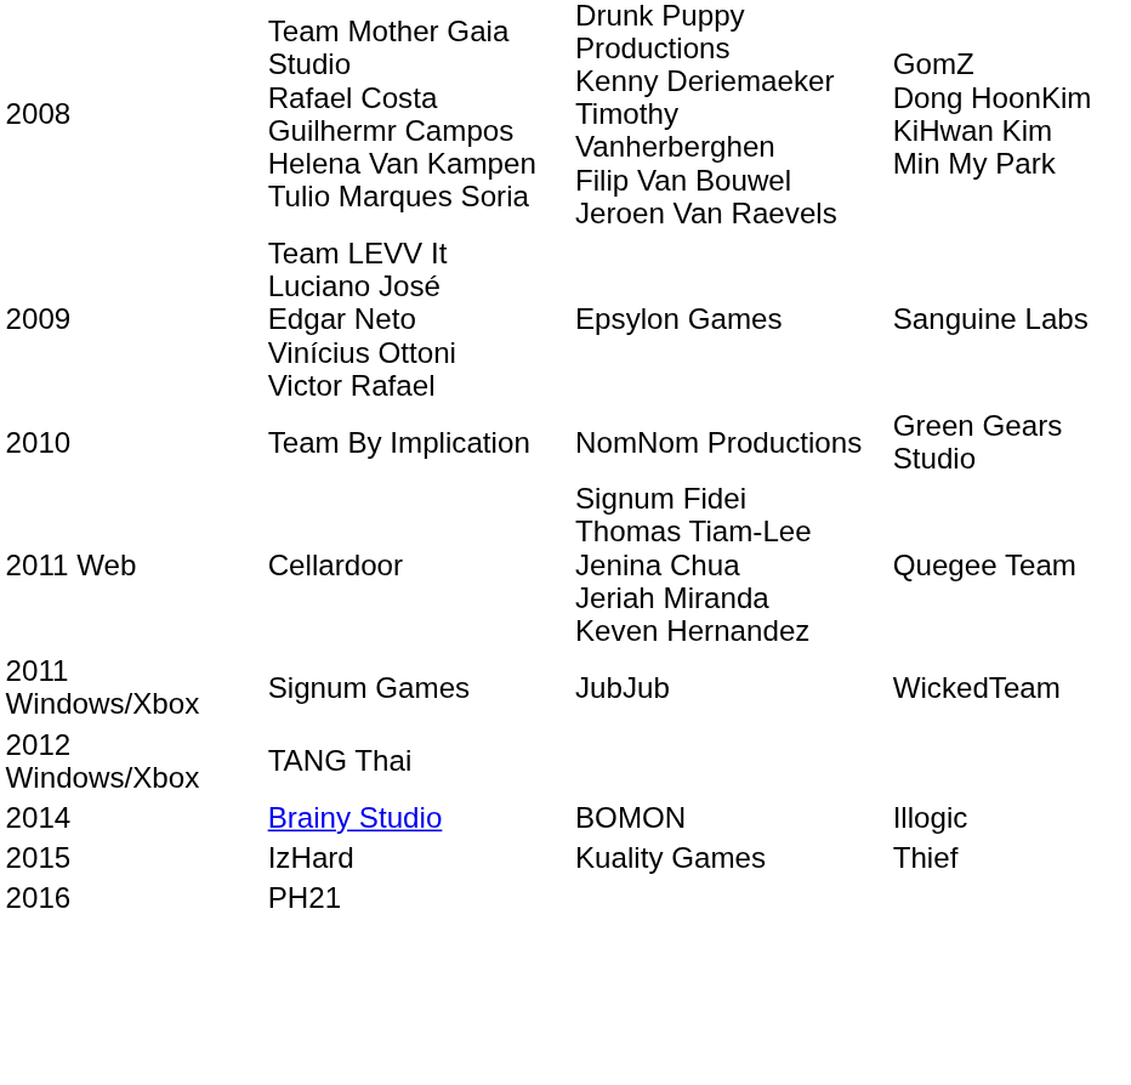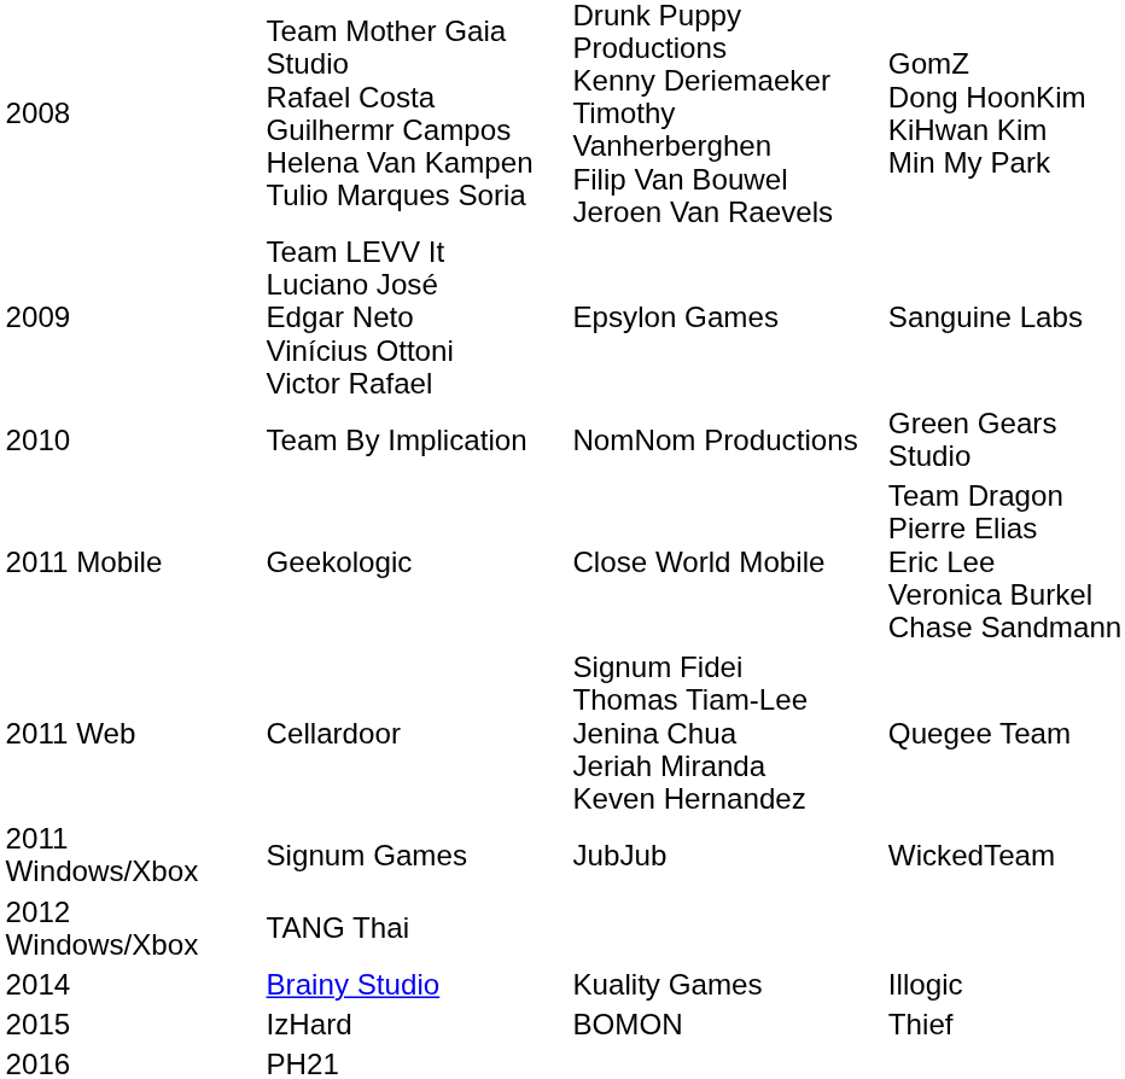 <table>
 <tr>
 <td>2008</td>
 <td> Team Mother Gaia Studio<br>Rafael Costa<br> Guilhermr Campos<br> Helena Van Kampen<br> Tulio Marques Soria</td>
 <td> Drunk Puppy Productions<br>Kenny Deriemaeker<br> Timothy Vanherberghen<br> Filip Van Bouwel<br> Jeroen Van Raevels</td>
 <td> GomZ<br>Dong HoonKim<br> KiHwan Kim<br> Min My Park</td>
 </tr>
 <tr>
 <td>2009</td>
 <td> Team LEVV It<br>Luciano José <br> Edgar Neto <br> Vinícius Ottoni <br> Victor Rafael <br></td>
 <td> Epsylon Games</td>
 <td> Sanguine Labs</td>
 </tr>
 <tr>
 <td>2010 </td>
 <td> Team By Implication</td>
 <td> NomNom Productions</td>
 <td> Green Gears Studio</td>
 </tr>
 <tr>
+<td>2011 Mobile</td>
+<td> Geekologic</td>
+<td> Close World Mobile</td>
+<td> Team Dragon<br>Pierre Elias<br> Eric Lee<br> Veronica Burkel<br> Chase Sandmann</td>
+</tr>
+<tr>
 <td>2011 Web</td>
 <td> Cellardoor</td>
 <td> Signum Fidei<br>Thomas Tiam-Lee<br> Jenina Chua<br> Jeriah Miranda<br> Keven Hernandez</td>
 <td> Quegee Team</td>
 </tr>
 <tr>
 <td>2011 Windows/Xbox</td>
 <td> Signum Games</td>
 <td> JubJub</td>
 <td> WickedTeam</td>
 </tr>
 <tr>
 <td>2012 Windows/Xbox</td>
 <td> TANG Thai</td>
 </tr>
 <tr>
 <td>2014</td>
 <td> <a href='#'>Brainy Studio</a></td>
-<td> BOMON</td>
+<td> Kuality Games</td>
 <td> Illogic</td>
 </tr>
 <tr>
 <td>2015 </td>
 <td> IzHard</td>
-<td> Kuality Games</td>
+<td> BOMON</td>
 <td> Thief</td>
 </tr>
 <tr>
 <td>2016</td>
 <td> PH21</td>
 </tr>
 <tr>
 </tr>
 </table>
